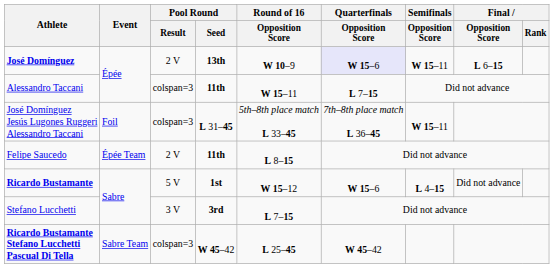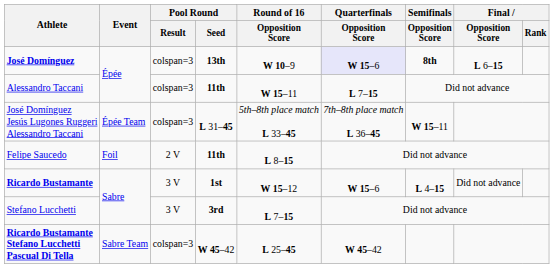 <table class=wikitable style="font-size:90%">
 <tr>
 <th rowspan="2">Athlete</th>
 <th rowspan="2">Event</th>
 <th colspan=2>Pool Round</th>
 <th>Round of 16</th>
 <th>Quarterfinals</th>
 <th>Semifinals</th>
 <th colspan=2>Final / </th>
 </tr>
 <tr style="font-size:95%">
 <th>Result</th>
 <th>Seed</th>
 <th>Opposition<br>Score</th>
 <th>Opposition<br>Score</th>
 <th>Opposition<br>Score</th>
 <th>Opposition<br>Score</th>
 <th>Rank</th>
 </tr>
 <tr align=center>
 <td align=left><strong><a href='#'>José Domínguez</a></strong></td>
 <td align=left rowspan=2><a href='#'>Épée</a></td>
-<td>2 V</td>
+<td>colspan=3 </td>
 <td><strong>13th</strong></td>
 <td><br><strong>W</strong> <strong>10</strong>–9</td>
 <td style="background: lavender;"><br><strong>W</strong> <strong>15</strong>–6</td>
-<td><br><strong>W</strong> <strong>15</strong>–11</td>
+<td><strong>8th</strong></td>
 <td><br><strong>L</strong> 6–<strong>15</strong></td>
 <td></td>
 </tr>
 <tr align=center>
 <td align=left><a href='#'>Alessandro Taccani</a></td>
 <td>colspan=3 </td>
 <td><strong>11th</strong></td>
 <td><br><strong>W</strong> <strong>15</strong>–11</td>
 <td><br><strong>L</strong> 7–<strong>15</strong></td>
 <td colspan=3>Did not advance</td>
 </tr>
 <tr align=center>
 <td align=left><a href='#'>José Domínguez</a><br><a href='#'>Jesús Lugones Ruggeri</a><br><a href='#'>Alessandro Taccani</a></td>
-<td align=left><a href='#'>Foil</a></td>
+<td align=left><a href='#'>Épée Team</a></td>
 <td>colspan=3 </td>
 <td><br><strong>L</strong> 31–<strong>45</strong></td>
 <td><em>5th–8th place match</em><br><br><strong>L</strong> 33–<strong>45</strong></td>
 <td><em>7th–8th place match</em><br><br><strong>L</strong> 36–<strong>45</strong></td>
 <td><br><strong>W</strong> <strong>15</strong>–11</td>
 </tr>
 <tr align=center>
 <td align=left><a href='#'>Felipe Saucedo</a></td>
-<td align=left><a href='#'>Épée Team</a></td>
+<td align=left><a href='#'>Foil</a></td>
 <td>2 V</td>
 <td><strong>11th</strong></td>
 <td><br><strong>L</strong> 8–<strong>15</strong></td>
 <td colspan=4>Did not advance</td>
 </tr>
 <tr align=center>
 <td align=left><strong><a href='#'>Ricardo Bustamante</a></strong></td>
 <td align=left rowspan=2><a href='#'>Sabre</a></td>
-<td>5 V</td>
+<td>3 V</td>
 <td><strong>1st</strong></td>
 <td><br><strong>W</strong> <strong>15</strong>–12</td>
 <td><br><strong>W</strong> <strong>15</strong>–6</td>
 <td><br><strong>L</strong> 4–<strong>15</strong></td>
 <td>Did not advance</td>
 <td></td>
 </tr>
 <tr align=center>
 <td align=left><a href='#'>Stefano Lucchetti</a></td>
 <td>3 V</td>
 <td><strong>3rd</strong></td>
 <td><br><strong>L</strong> 7–<strong>15</strong></td>
 <td colspan=4>Did not advance</td>
 </tr>
 <tr align=center>
 <td align=left><strong><a href='#'>Ricardo Bustamante</a></strong><br><strong><a href='#'>Stefano Lucchetti</a></strong><br><strong><a href='#'>Pascual Di Tella</a></strong></td>
 <td align=left><a href='#'>Sabre Team</a></td>
 <td>colspan=3 </td>
 <td><br><strong>W</strong> <strong>45</strong>–42</td>
 <td><br><strong>L</strong> 25–<strong>45</strong></td>
 <td><br><strong>W</strong> <strong>45</strong>–42</td>
 <td></td>
 </tr>
 </table>
